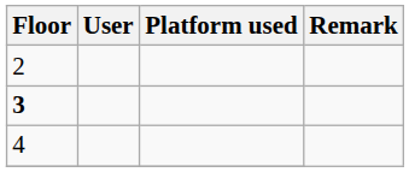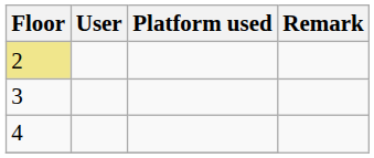 <table class="wikitable" style="text-align; margin:0 auto">
 <tr>
 <th>Floor</th>
 <th>User</th>
 <th>Platform used</th>
 <th>Remark</th>
 </tr>
 <tr>
-<td>2</td>
+<td style="background: khaki;">2</td>
 <td></td>
 <td></td>
 <td></td>
 </tr>
 <tr>
-<td><strong>3</strong></td>
+<td>3</td>
 <td></td>
 <td></td>
 <td></td>
 </tr>
 <tr>
 <td>4</td>
 <td></td>
 <td></td>
 </tr>
 <tr>
 </tr>
 </table>
